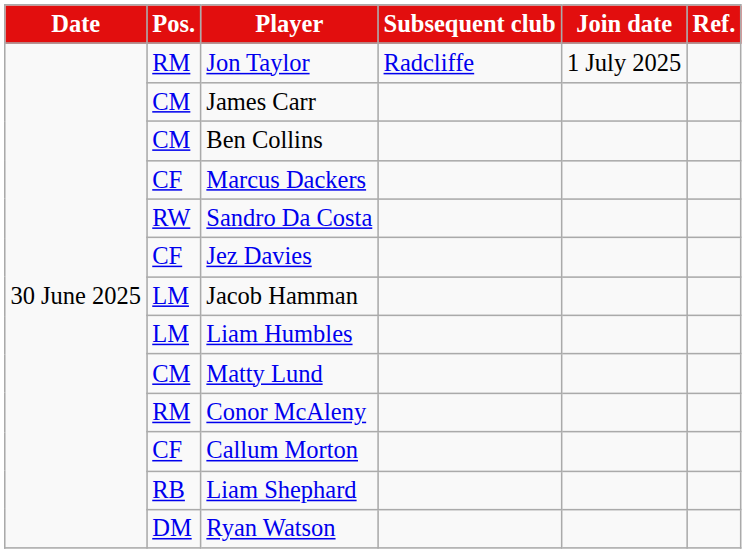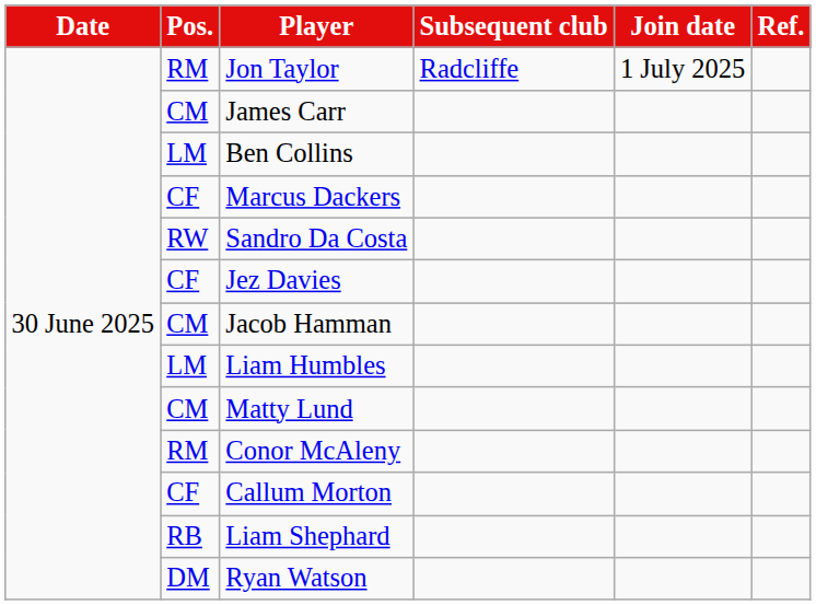 <table class="wikitable plainrowheaders sortable">
 <tr>
 <th style="background:#e20e0e;color:white;">Date</th>
 <th style="background:#e20e0e;color:white;">Pos.</th>
 <th style="background:#e20e0e;color:white;">Player</th>
 <th style="background:#e20e0e;color:white;">Subsequent club</th>
 <th style="background:#e20e0e;color:white;">Join date</th>
 <th style="background:#e20e0e;color:white;">Ref.</th>
 </tr>
 <tr>
 <td rowspan="13">30 June 2025</td>
 <td><a href='#'>RM</a></td>
 <td> <a href='#'>Jon Taylor</a></td>
 <td> <a href='#'>Radcliffe</a></td>
 <td>1 July 2025</td>
 <td></td>
 </tr>
 <tr>
 <td><a href='#'>CM</a></td>
 <td> James Carr</td>
 <td></td>
 <td></td>
 <td></td>
 </tr>
 <tr>
-<td><a href='#'>CM</a></td>
+<td><a href='#'>LM</a></td>
 <td> Ben Collins</td>
 <td></td>
 <td></td>
 <td></td>
 </tr>
 <tr>
 <td><a href='#'>CF</a></td>
 <td> <a href='#'>Marcus Dackers</a></td>
 <td></td>
 <td></td>
 <td></td>
 </tr>
 <tr>
 <td><a href='#'>RW</a></td>
 <td> <a href='#'>Sandro Da Costa</a></td>
 <td></td>
 <td></td>
 <td></td>
 </tr>
 <tr>
 <td><a href='#'>CF</a></td>
 <td> <a href='#'>Jez Davies</a></td>
 <td></td>
 <td></td>
 <td></td>
 </tr>
 <tr>
-<td><a href='#'>LM</a></td>
+<td><a href='#'>CM</a></td>
 <td> Jacob Hamman</td>
 <td></td>
 <td></td>
 <td></td>
 </tr>
 <tr>
 <td><a href='#'>LM</a></td>
 <td> <a href='#'>Liam Humbles</a></td>
 <td></td>
 <td></td>
 <td></td>
 </tr>
 <tr>
 <td><a href='#'>CM</a></td>
 <td> <a href='#'>Matty Lund</a></td>
 <td></td>
 <td></td>
 <td></td>
 </tr>
 <tr>
 <td><a href='#'>RM</a></td>
 <td> <a href='#'>Conor McAleny</a></td>
 <td></td>
 <td></td>
 <td></td>
 </tr>
 <tr>
 <td><a href='#'>CF</a></td>
 <td> <a href='#'>Callum Morton</a></td>
 <td></td>
 <td></td>
 <td></td>
 </tr>
 <tr>
 <td><a href='#'>RB</a></td>
 <td> <a href='#'>Liam Shephard</a></td>
 <td></td>
 <td></td>
 <td></td>
 </tr>
 <tr>
 <td><a href='#'>DM</a></td>
 <td> <a href='#'>Ryan Watson</a></td>
 <td></td>
 <td></td>
 <td></td>
 </tr>
 </table>
